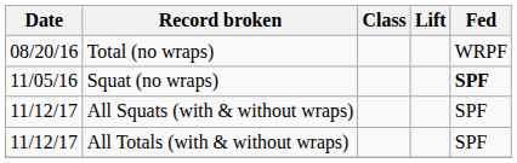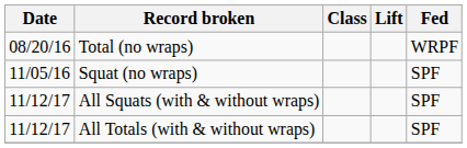 <table class="wikitable">
 <tr>
 <th>Date</th>
 <th>Record broken</th>
 <th>Class</th>
 <th>Lift</th>
 <th>Fed</th>
 </tr>
 <tr>
 <td>08/20/16</td>
 <td>Total (no wraps)</td>
 <td></td>
 <td></td>
 <td>WRPF</td>
 </tr>
 <tr>
 <td>11/05/16</td>
 <td>Squat (no wraps)</td>
 <td></td>
 <td></td>
-<td><strong>SPF</strong></td>
+<td>SPF</td>
 </tr>
 <tr>
 <td>11/12/17</td>
 <td>All Squats (with & without wraps)</td>
 <td></td>
 <td></td>
 <td>SPF</td>
 </tr>
 <tr>
 <td>11/12/17</td>
 <td>All Totals (with & without wraps)</td>
 <td></td>
 <td></td>
 <td>SPF</td>
 </tr>
 <tr>
 </tr>
 </table>
